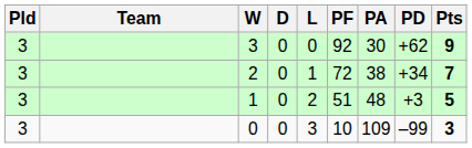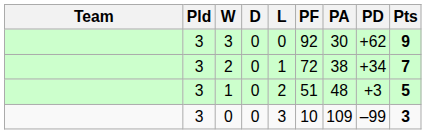 <table class="wikitable" style="text-align:center;">
 <tr>
+<th width=175>Team</th>
 <th width=20 abbr="Played">Pld</th>
-<th width=175>Team</th>
 <th width=20 abbr="Won">W</th>
 <th width=20 abbr="Drawn">D</th>
 <th width=20 abbr="Lost">L</th>
 <th width=20 abbr="Points for">PF</th>
 <th width=20 abbr="Points against">PA</th>
 <th width=25 abbr="Points difference">PD</th>
 <th width=20 abbr="Points">Pts</th>
 </tr>
 <tr bgcolor=ccffcc>
+<td style="text-align:left;"></td>
 <td>3</td>
-<td style="text-align:left;"></td>
 <td>3</td>
 <td>0</td>
 <td>0</td>
 <td>92</td>
 <td>30</td>
 <td>+62</td>
 <td><strong>9</strong></td>
 </tr>
 <tr bgcolor=ccffcc>
+<td style="text-align:left;"></td>
 <td>3</td>
-<td style="text-align:left;"></td>
 <td>2</td>
 <td>0</td>
 <td>1</td>
 <td>72</td>
 <td>38</td>
 <td>+34</td>
 <td><strong>7</strong></td>
 </tr>
 <tr bgcolor=ccffcc>
+<td style="text-align:left;"></td>
 <td>3</td>
-<td style="text-align:left;"></td>
 <td>1</td>
 <td>0</td>
 <td>2</td>
 <td>51</td>
 <td>48</td>
 <td>+3</td>
 <td><strong>5</strong></td>
 </tr>
 <tr>
+<td style="text-align:left;"></td>
 <td>3</td>
-<td style="text-align:left;"></td>
 <td>0</td>
 <td>0</td>
 <td>3</td>
 <td>10</td>
 <td>109</td>
 <td>–99</td>
 <td><strong>3</strong></td>
 </tr>
 </table>
